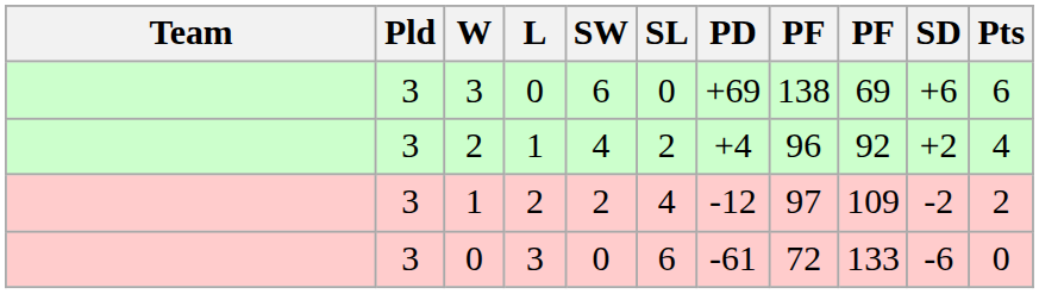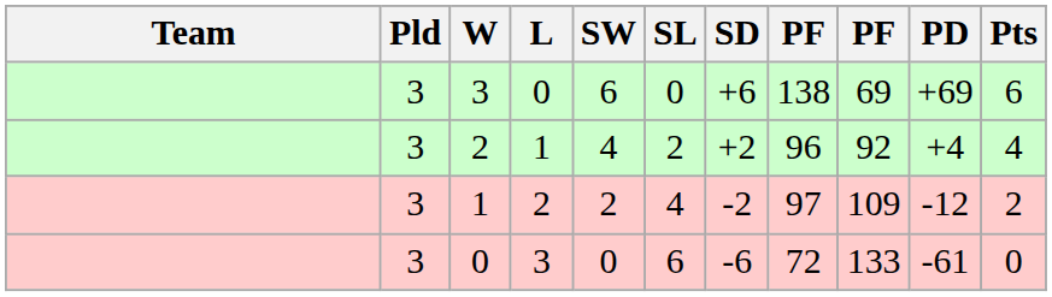 <table class=wikitable style="text-align:center">
 <tr>
 <th width=160>Team</th>
 <th width=20>Pld</th>
 <th width=20>W</th>
 <th width=20>L</th>
 <th width=20>SW</th>
 <th width=20>SL</th>
-<th width=20>PD</th>
+<th width=20>SD</th>
 <th width=20>PF</th>
 <th width=20>PF</th>
-<th width=20>SD</th>
+<th width=20>PD</th>
 <th width=20>Pts</th>
 </tr>
 <tr bgcolor="ccffcc">
 <td align=left></td>
 <td>3</td>
 <td>3</td>
 <td>0</td>
 <td>6</td>
 <td>0</td>
-<td>+69</td>
+<td>+6</td>
 <td>138</td>
 <td>69</td>
-<td>+6</td>
+<td>+69</td>
 <td>6</td>
 </tr>
 <tr bgcolor="ccffcc">
 <td align=left></td>
 <td>3</td>
 <td>2</td>
 <td>1</td>
 <td>4</td>
 <td>2</td>
-<td>+4</td>
+<td>+2</td>
 <td>96</td>
 <td>92</td>
-<td>+2</td>
+<td>+4</td>
 <td>4</td>
 </tr>
 <tr bgcolor="ffcccc">
 <td align=left></td>
 <td>3</td>
 <td>1</td>
 <td>2</td>
 <td>2</td>
 <td>4</td>
-<td>-12</td>
+<td>-2</td>
 <td>97</td>
 <td>109</td>
-<td>-2</td>
+<td>-12</td>
 <td>2</td>
 </tr>
 <tr bgcolor="ffcccc">
 <td align=left></td>
 <td>3</td>
 <td>0</td>
 <td>3</td>
 <td>0</td>
 <td>6</td>
-<td>-61</td>
+<td>-6</td>
 <td>72</td>
 <td>133</td>
-<td>-6</td>
+<td>-61</td>
 <td>0</td>
 </tr>
 </table>
